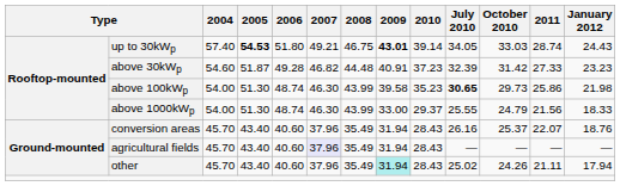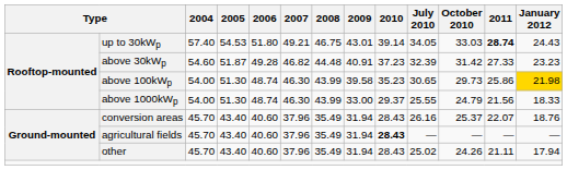 <table class="wikitable" style="text-align:right">
 <tr>
 <th colspan="2">Type</th>
 <th>2004</th>
 <th>2005</th>
 <th>2006</th>
 <th>2007</th>
 <th>2008</th>
 <th>2009</th>
 <th>2010</th>
 <th>July<br>2010</th>
 <th>October<br>2010</th>
 <th>2011</th>
 <th>January<br>2012</th>
 </tr>
 <tr>
 <th rowspan="4">Rooftop-mounted</th>
 <th style="text-align: left; font-weight: normal">up to 30kW<sub>p</sub></th>
 <td>57.40</td>
-<td><strong>54.53</strong></td>
+<td>54.53</td>
 <td>51.80</td>
 <td>49.21</td>
 <td>46.75</td>
-<td><strong>43.01</strong></td>
+<td>43.01</td>
 <td>39.14</td>
 <td>34.05</td>
 <td>33.03</td>
-<td>28.74</td>
+<td><strong>28.74</strong></td>
 <td>24.43</td>
 </tr>
 <tr>
 <th style="text-align: left; font-weight: normal">above 30kW<sub>p</sub></th>
 <td>54.60</td>
 <td>51.87</td>
 <td>49.28</td>
 <td>46.82</td>
 <td>44.48</td>
 <td>40.91</td>
 <td>37.23</td>
 <td>32.39</td>
 <td>31.42</td>
 <td>27.33</td>
 <td>23.23</td>
 </tr>
 <tr>
 <th style="text-align: left; font-weight: normal">above 100kW<sub>p</sub></th>
 <td>54.00</td>
 <td>51.30</td>
 <td>48.74</td>
 <td>46.30</td>
 <td>43.99</td>
 <td>39.58</td>
 <td>35.23</td>
-<td><strong>30.65</strong></td>
+<td>30.65</td>
 <td>29.73</td>
 <td>25.86</td>
-<td>21.98</td>
+<td style="background: gold;">21.98</td>
 </tr>
 <tr>
 <th style="text-align: left; font-weight: normal">above 1000kW<sub>p</sub></th>
 <td>54.00</td>
 <td>51.30</td>
 <td>48.74</td>
 <td>46.30</td>
 <td>43.99</td>
 <td>33.00</td>
 <td>29.37</td>
 <td>25.55</td>
 <td>24.79</td>
 <td>21.56</td>
 <td>18.33</td>
 </tr>
 <tr>
 <th rowspan="3">Ground-mounted</th>
 <th style="text-align: left; font-weight: normal">conversion areas</th>
 <td>45.70</td>
 <td>43.40</td>
 <td>40.60</td>
 <td>37.96</td>
 <td>35.49</td>
 <td>31.94</td>
 <td>28.43</td>
 <td>26.16</td>
 <td>25.37</td>
 <td>22.07</td>
 <td>18.76</td>
 </tr>
 <tr>
 <th style="text-align: left; font-weight: normal">agricultural fields</th>
 <td>45.70</td>
 <td>43.40</td>
 <td>40.60</td>
-<td style="background: lavender;">37.96</td>
+<td>37.96</td>
 <td>35.49</td>
 <td>31.94</td>
-<td>28.43</td>
+<td><strong>28.43</strong></td>
 <td>—</td>
 <td>—</td>
 <td>—</td>
 <td>—</td>
 </tr>
 <tr>
 <th style="text-align: left; font-weight: normal">other</th>
 <td>45.70</td>
 <td>43.40</td>
 <td>40.60</td>
 <td>37.96</td>
 <td>35.49</td>
-<td style="background: paleturquoise;">31.94</td>
+<td>31.94</td>
 <td>28.43</td>
 <td>25.02</td>
 <td>24.26</td>
 <td>21.11</td>
 <td>17.94</td>
 </tr>
 <tr>
 <td colspan="13" align="left"></td>
 </tr>
 </table>
